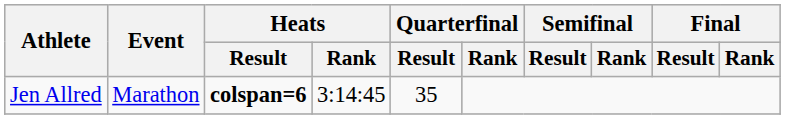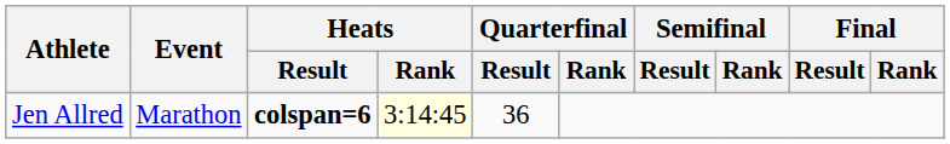 <table class="wikitable" style="font-size:90%">
 <tr>
 <th rowspan="2">Athlete</th>
 <th rowspan="2">Event</th>
 <th colspan="2">Heats</th>
 <th colspan="2">Quarterfinal</th>
 <th colspan="2">Semifinal</th>
 <th colspan="2">Final</th>
 </tr>
 <tr style="font-size:95%">
 <th>Result</th>
 <th>Rank</th>
 <th>Result</th>
 <th>Rank</th>
 <th>Result</th>
 <th>Rank</th>
 <th>Result</th>
 <th>Rank</th>
 </tr>
 <tr align=center>
 <td align=left><a href='#'>Jen Allred</a></td>
 <td align=left><a href='#'>Marathon</a></td>
 <td><strong>colspan=6</strong></td>
-<td>3:14:45</td>
-<td>35</td>
+<td style="background: lightyellow;">3:14:45</td>
+<td>36</td>
 </tr>
 </table>
